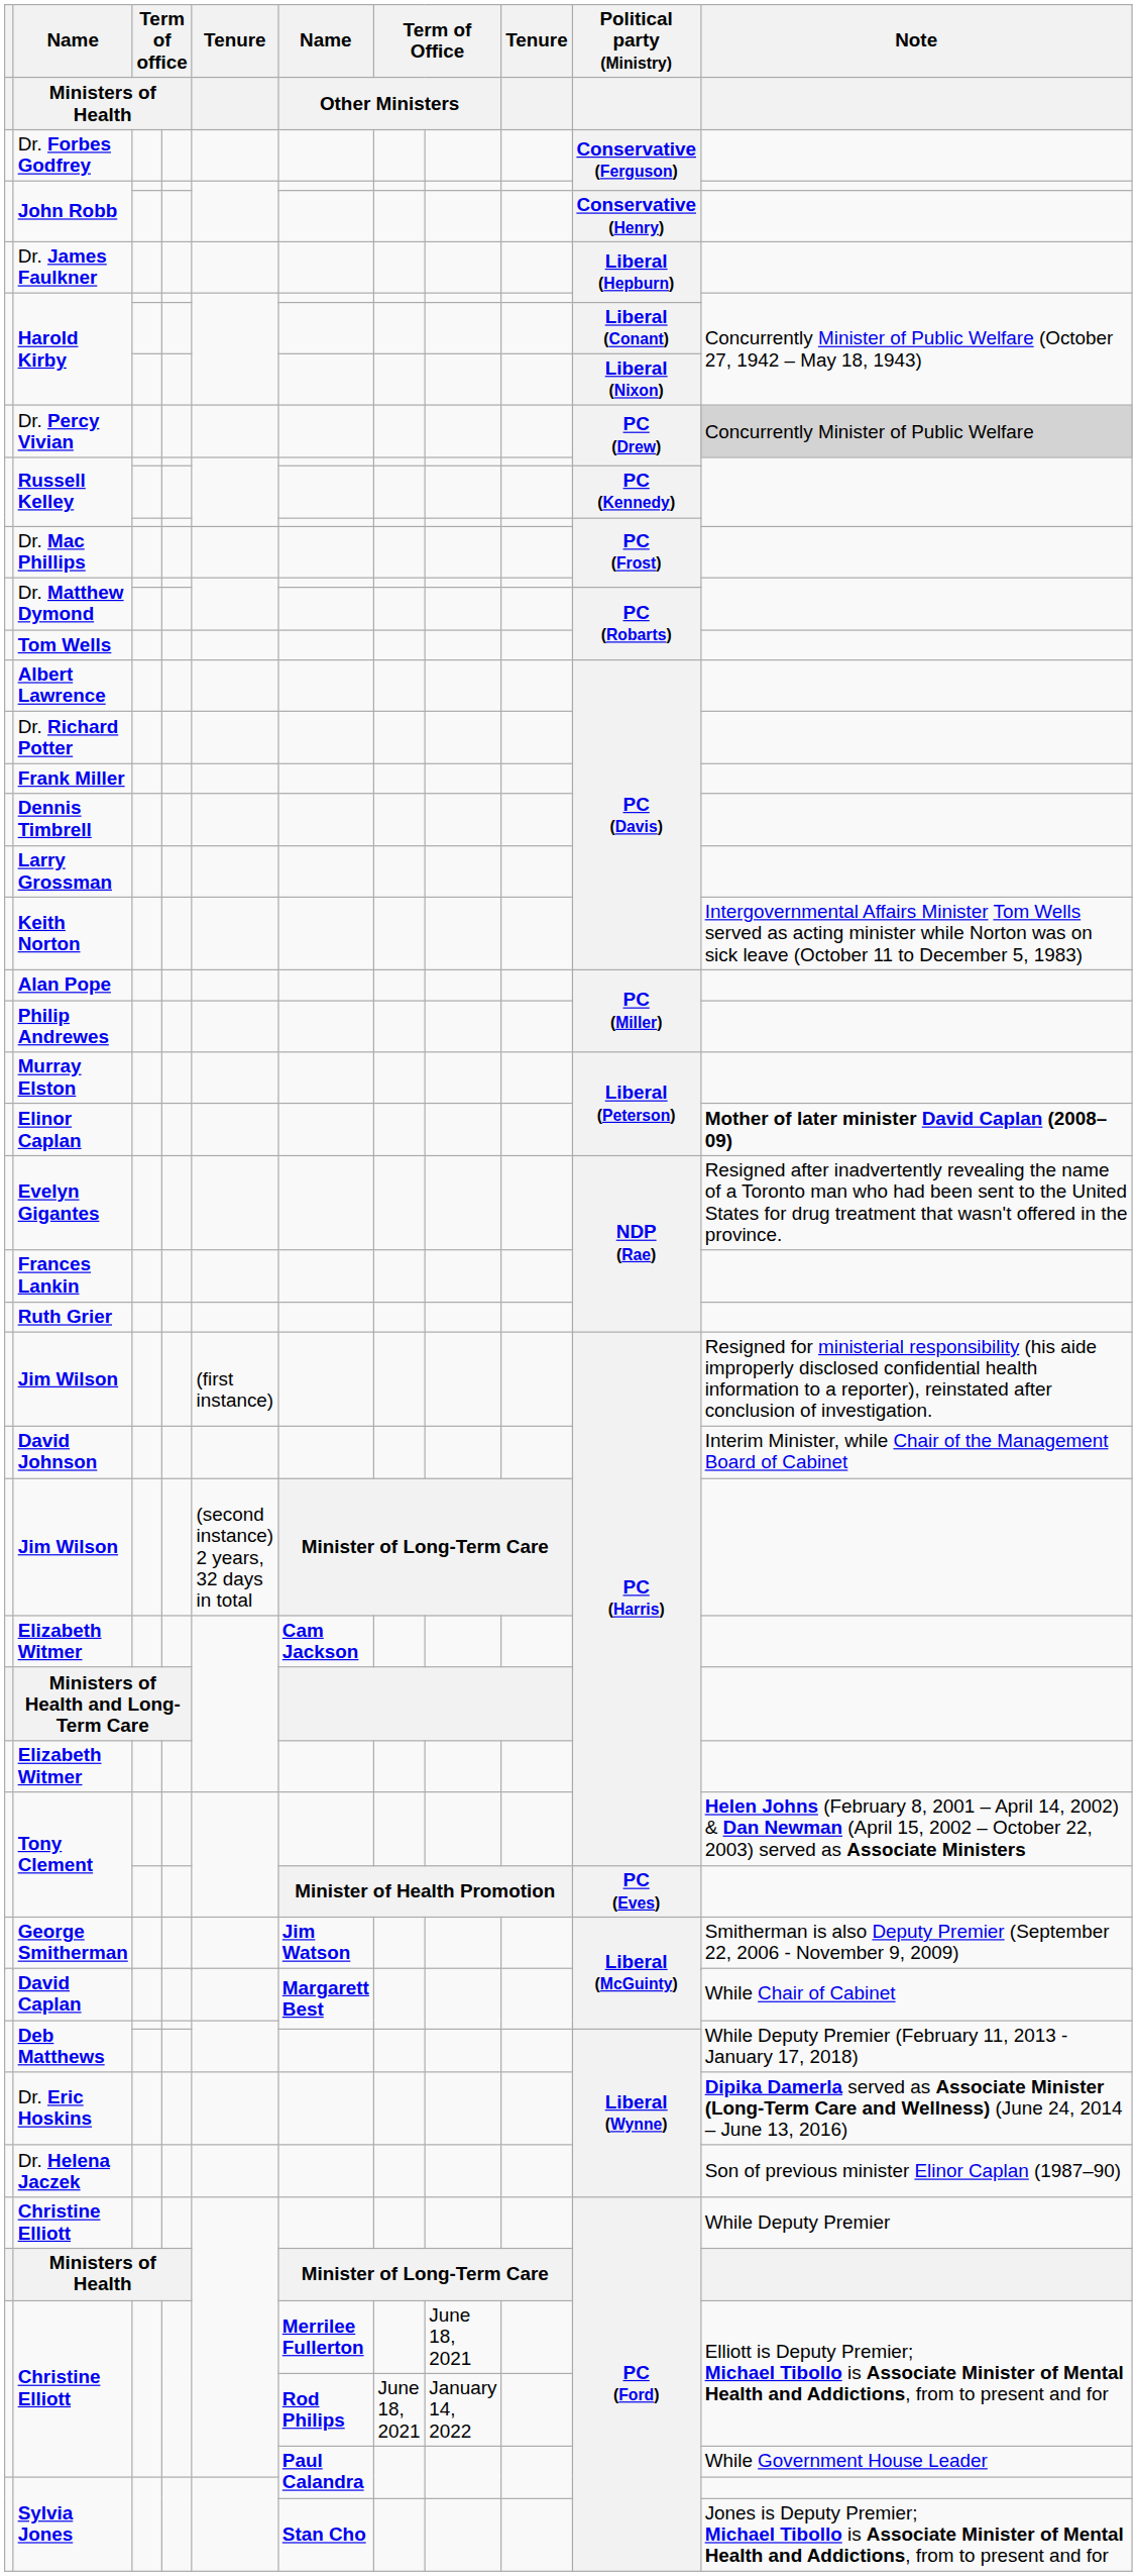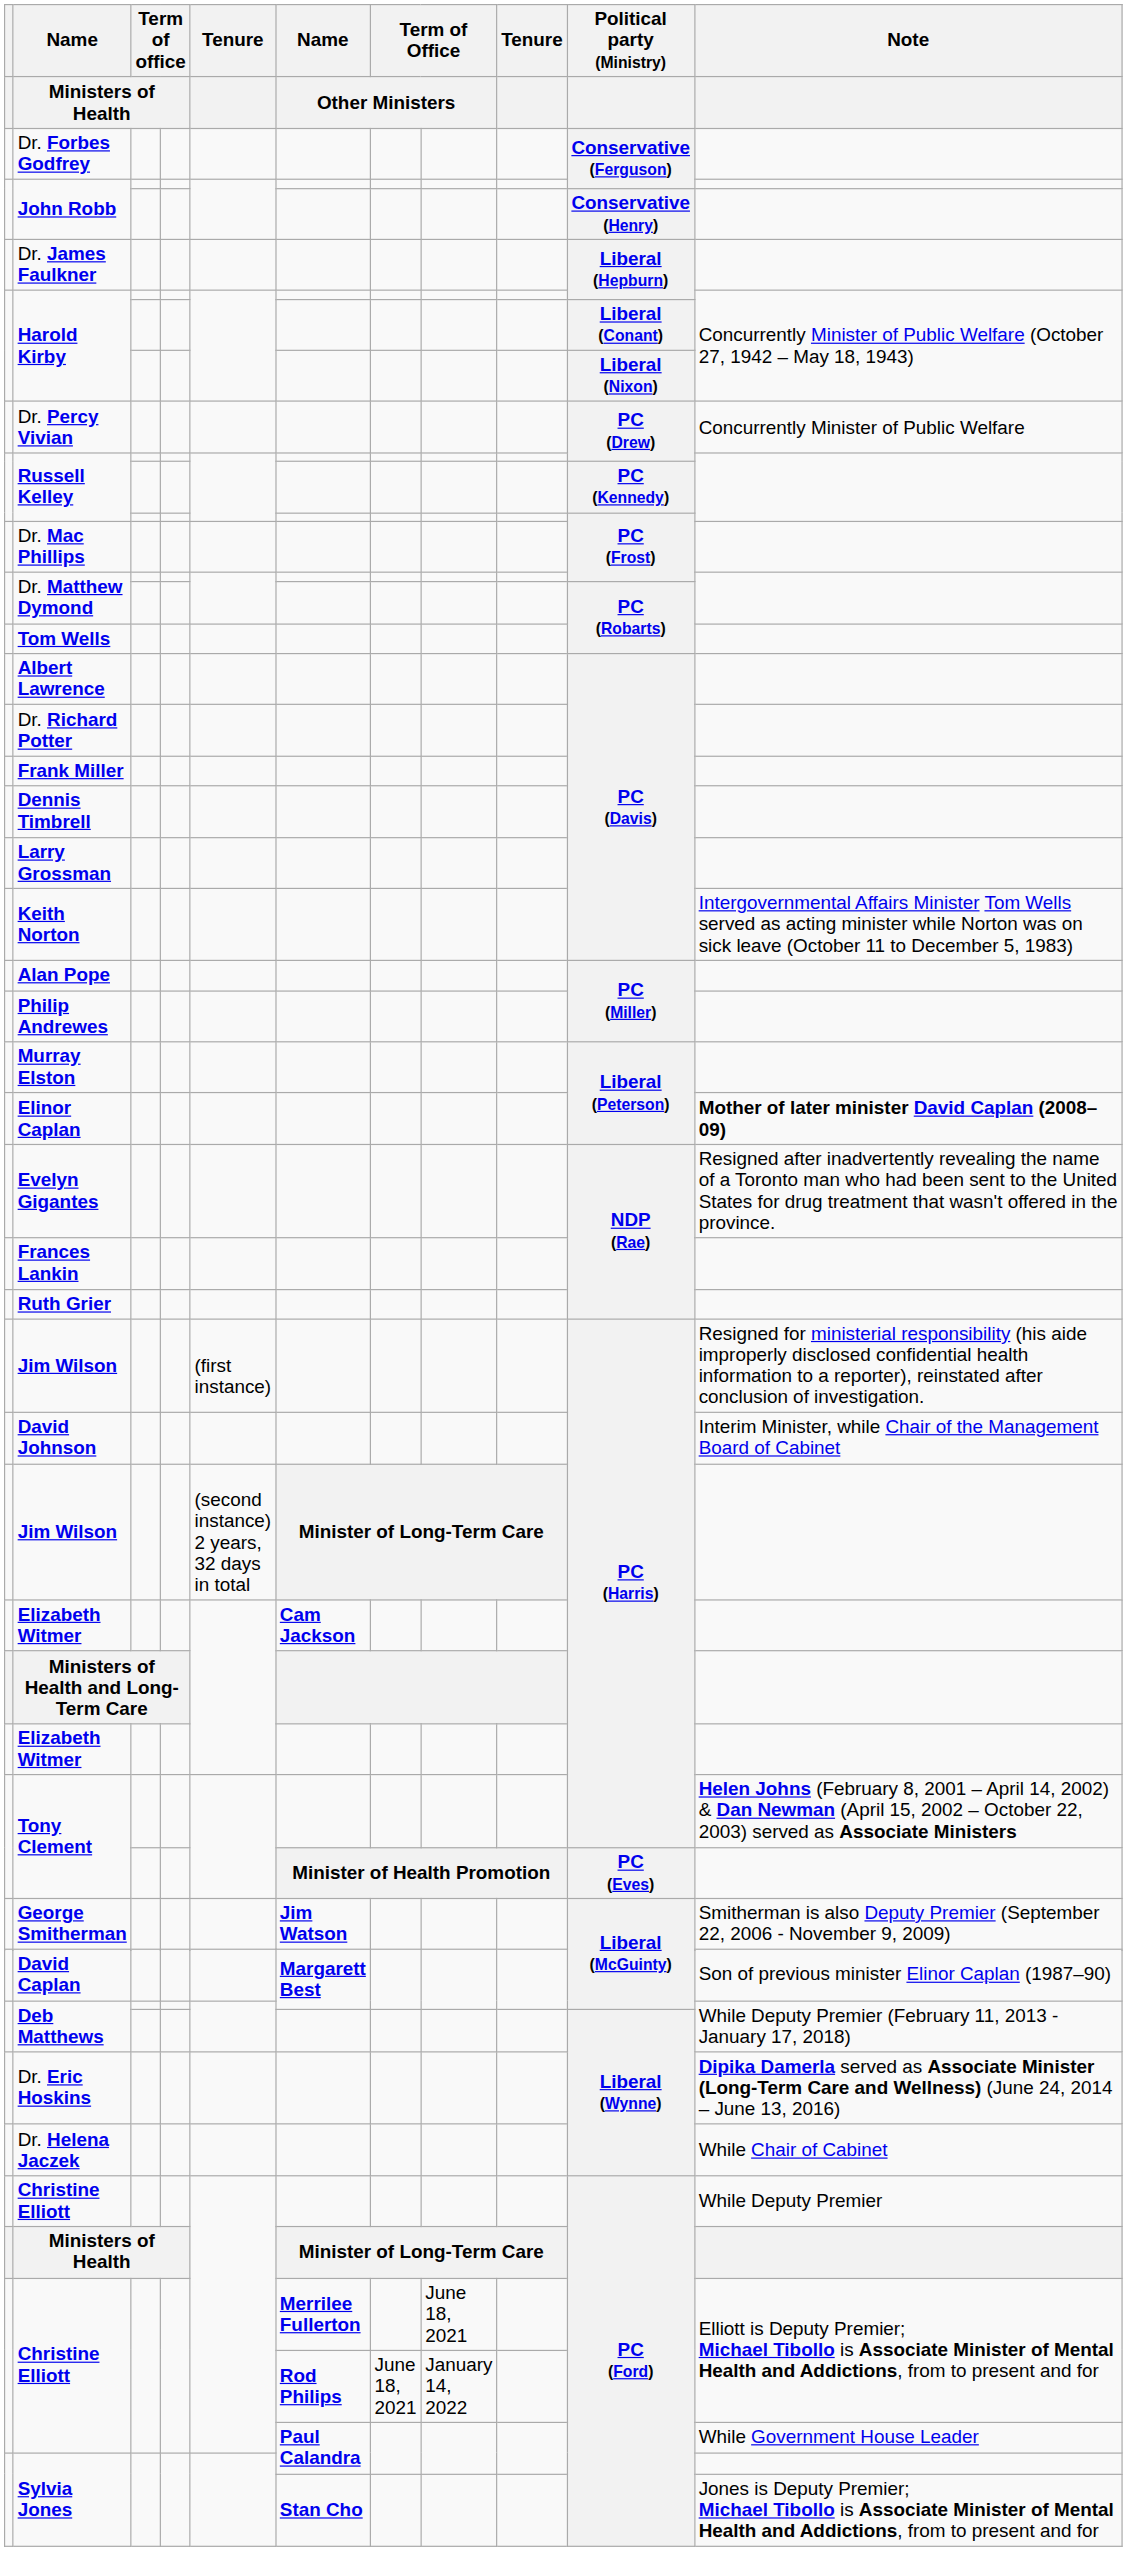 <table class="wikitable" style="width: 75%">
 <tr>
 <th></th>
 <th>Name</th>
 <th colspan="2">Term of office</th>
 <th>Tenure</th>
 <th>Name</th>
 <th colspan="2">Term of Office</th>
 <th>Tenure</th>
 <th>Political party<br><small>(Ministry)</small></th>
 <th style="width: 400px;">Note</th>
 </tr>
 <tr>
 <th></th>
 <th colspan="3">Ministers of Health</th>
 <th></th>
 <th colspan="3">Other Ministers</th>
 <th></th>
 <th></th>
 <th></th>
 </tr>
 <tr>
 <td style="background:"></td>
 <td>Dr. <strong><a href='#'>Forbes Godfrey</a></strong></td>
 <td></td>
 <td></td>
 <td></td>
 <td></td>
 <td></td>
 <td></td>
 <td></td>
 <th rowspan="2;" style="background:"><a href='#'>Conservative</a><br><small>(<a href='#'>Ferguson</a>)</small></th>
 <td></td>
 </tr>
 <tr>
 <td rowspan="2;" style="background:"></td>
 <td rowspan="2"><strong><a href='#'>John Robb</a></strong></td>
 <td></td>
 <td></td>
 <td rowspan="2"></td>
 <td></td>
 <td></td>
 <td></td>
 <td></td>
 <td></td>
 </tr>
 <tr>
 <td></td>
 <td></td>
 <td></td>
 <td></td>
 <td></td>
 <td></td>
 <th style="background:"><a href='#'>Conservative</a><br><small>(<a href='#'>Henry</a>)</small></th>
 <td></td>
 </tr>
 <tr>
 <td style="background:"></td>
 <td>Dr. <strong><a href='#'>James Faulkner</a></strong></td>
 <td></td>
 <td></td>
 <td></td>
 <td></td>
 <td></td>
 <td></td>
 <td></td>
 <th rowspan="2;" style="background:"><a href='#'>Liberal</a><br><small>(<a href='#'>Hepburn</a>)</small></th>
 <td></td>
 </tr>
 <tr>
 <td rowspan="3;" style="background:"></td>
 <td rowspan="3"><strong><a href='#'>Harold Kirby</a></strong></td>
 <td></td>
 <td></td>
 <td rowspan="3"></td>
 <td></td>
 <td></td>
 <td></td>
 <td></td>
 <td rowspan="3">Concurrently <a href='#'>Minister of Public Welfare</a> (October 27, 1942 – May 18, 1943)</td>
 </tr>
 <tr>
 <td></td>
 <td></td>
 <td></td>
 <td></td>
 <td></td>
 <td></td>
 <th style="background:"><a href='#'>Liberal</a><br><small>(<a href='#'>Conant</a>)</small></th>
 </tr>
 <tr>
 <td></td>
 <td></td>
 <td></td>
 <td></td>
 <td></td>
 <td></td>
 <th style="background:"><a href='#'>Liberal</a><br><small>(<a href='#'>Nixon</a>)</small></th>
 </tr>
 <tr>
 <td style="background:"></td>
 <td>Dr. <strong><a href='#'>Percy Vivian</a></strong></td>
 <td></td>
 <td></td>
 <td></td>
 <td></td>
 <td></td>
 <td></td>
 <td></td>
 <th rowspan="2;" style="background:"><a href='#'>PC</a><br><small>(<a href='#'>Drew</a>)</small></th>
-<td style="background: lightgrey;">Concurrently Minister of Public Welfare</td>
+<td>Concurrently Minister of Public Welfare</td>
 </tr>
 <tr>
 <td rowspan="3;" style="background:"></td>
 <td rowspan="3"><strong><a href='#'>Russell Kelley</a></strong></td>
 <td></td>
 <td></td>
 <td rowspan="3"></td>
 <td></td>
 <td></td>
 <td></td>
 <td></td>
 <td rowspan="3"></td>
 </tr>
 <tr>
 <td></td>
 <td></td>
 <td></td>
 <td></td>
 <td></td>
 <td></td>
 <th style="background:"><a href='#'>PC</a><br><small>(<a href='#'>Kennedy</a>)</small></th>
 </tr>
 <tr>
 <td></td>
 <td></td>
 <td></td>
 <td></td>
 <td></td>
 <td></td>
 <th rowspan="3;" style="background:"><a href='#'>PC</a><br><small>(<a href='#'>Frost</a>)</small></th>
 </tr>
 <tr>
 <td style="background:"></td>
 <td>Dr. <strong><a href='#'>Mac Phillips</a></strong></td>
 <td></td>
 <td></td>
 <td></td>
 <td></td>
 <td></td>
 <td></td>
 <td></td>
 <td></td>
 </tr>
 <tr>
 <td rowspan="2;" style="background:"></td>
 <td rowspan="2">Dr. <strong><a href='#'>Matthew Dymond</a></strong></td>
 <td></td>
 <td></td>
 <td rowspan="2"></td>
 <td></td>
 <td></td>
 <td></td>
 <td></td>
 <td rowspan="2"></td>
 </tr>
 <tr>
 <td></td>
 <td></td>
 <td></td>
 <td></td>
 <td></td>
 <td></td>
 <th rowspan="2;" style="background:"><a href='#'>PC</a><br><small>(<a href='#'>Robarts</a>)</small></th>
 </tr>
 <tr>
 <td style="background:"></td>
 <td><strong><a href='#'>Tom Wells</a></strong></td>
 <td></td>
 <td></td>
 <td></td>
 <td></td>
 <td></td>
 <td></td>
 <td></td>
 <td></td>
 </tr>
 <tr>
 <td style="background:"></td>
 <td><strong><a href='#'>Albert Lawrence</a></strong></td>
 <td></td>
 <td></td>
 <td></td>
 <td></td>
 <td></td>
 <td></td>
 <td></td>
 <th rowspan="6;" style="background:"><a href='#'>PC</a><br><small>(<a href='#'>Davis</a>)</small></th>
 <td></td>
 </tr>
 <tr>
 <td style="background:"></td>
 <td>Dr. <strong><a href='#'>Richard Potter</a></strong></td>
 <td></td>
 <td></td>
 <td></td>
 <td></td>
 <td></td>
 <td></td>
 <td></td>
 <td></td>
 </tr>
 <tr>
 <td style="background:"></td>
 <td><strong><a href='#'>Frank Miller</a></strong></td>
 <td></td>
 <td></td>
 <td></td>
 <td></td>
 <td></td>
 <td></td>
 <td></td>
 <td></td>
 </tr>
 <tr>
 <td style="background:"></td>
 <td><strong><a href='#'>Dennis Timbrell</a></strong></td>
 <td></td>
 <td></td>
 <td></td>
 <td></td>
 <td></td>
 <td></td>
 <td></td>
 <td></td>
 </tr>
 <tr>
 <td style="background:"></td>
 <td><strong><a href='#'>Larry Grossman</a></strong></td>
 <td></td>
 <td></td>
 <td></td>
 <td></td>
 <td></td>
 <td></td>
 <td></td>
 <td></td>
 </tr>
 <tr>
 <td style="background:"></td>
 <td><strong><a href='#'>Keith Norton</a></strong></td>
 <td></td>
 <td></td>
 <td></td>
 <td></td>
 <td></td>
 <td></td>
 <td></td>
 <td><a href='#'>Intergovernmental Affairs Minister</a> <a href='#'>Tom Wells</a> served as acting minister while Norton was on sick leave (October 11 to December 5, 1983)</td>
 </tr>
 <tr>
 <td style="background:"></td>
 <td><strong><a href='#'>Alan Pope</a></strong></td>
 <td></td>
 <td></td>
 <td></td>
 <td></td>
 <td></td>
 <td></td>
 <td></td>
 <th rowspan="2;" style="background:"><a href='#'>PC</a><br><small>(<a href='#'>Miller</a>)</small></th>
 <td></td>
 </tr>
 <tr>
 <td style="background:"></td>
 <td><strong><a href='#'>Philip Andrewes</a></strong></td>
 <td></td>
 <td></td>
 <td></td>
 <td></td>
 <td></td>
 <td></td>
 <td></td>
 <td></td>
 </tr>
 <tr>
 <td style="background:"></td>
 <td><strong><a href='#'>Murray Elston</a></strong></td>
 <td></td>
 <td></td>
 <td></td>
 <td></td>
 <td></td>
 <td></td>
 <td></td>
 <th rowspan="2;" style="background:"><a href='#'>Liberal</a><br><small>(<a href='#'>Peterson</a>)</small></th>
 <td></td>
 </tr>
 <tr>
 <td style="background:"></td>
 <td><strong><a href='#'>Elinor Caplan</a></strong></td>
 <td></td>
 <td></td>
 <td></td>
 <td></td>
 <td></td>
 <td></td>
 <td></td>
 <td><strong>Mother of later minister <a href='#'>David Caplan</a> (2008–09)</strong></td>
 </tr>
 <tr>
 <td style="background:"></td>
 <td><strong><a href='#'>Evelyn Gigantes</a></strong></td>
 <td></td>
 <td></td>
 <td></td>
 <td></td>
 <td></td>
 <td></td>
 <td></td>
 <th rowspan="3" style="background:"><a href='#'>NDP</a><br><small>(<a href='#'>Rae</a>)</small></th>
 <td>Resigned after inadvertently revealing the name of a Toronto man who had been sent to the United States for drug treatment that wasn't offered in the province.</td>
 </tr>
 <tr>
 <td style="background:"></td>
 <td><strong><a href='#'>Frances Lankin</a></strong></td>
 <td></td>
 <td></td>
 <td></td>
 <td></td>
 <td></td>
 <td></td>
 <td></td>
 <td></td>
 </tr>
 <tr>
 <td style="background:"></td>
 <td><strong><a href='#'>Ruth Grier</a></strong></td>
 <td></td>
 <td></td>
 <td></td>
 <td></td>
 <td></td>
 <td></td>
 <td></td>
 <td></td>
 </tr>
 <tr>
 <td style="background:"></td>
 <td><strong><a href='#'>Jim Wilson</a></strong></td>
 <td></td>
 <td></td>
 <td><br>(first instance)</td>
 <td></td>
 <td></td>
 <td></td>
 <td></td>
 <th rowspan="7" style="background:"><a href='#'>PC</a><br><small>(<a href='#'>Harris</a>)</small></th>
 <td>Resigned for <a href='#'>ministerial responsibility</a> (his aide improperly disclosed confidential health information to a reporter), reinstated after conclusion of investigation.</td>
 </tr>
 <tr>
 <td style="background:"></td>
 <td><strong><a href='#'>David Johnson</a></strong></td>
 <td></td>
 <td></td>
 <td></td>
 <td></td>
 <td></td>
 <td></td>
 <td></td>
 <td>Interim Minister, while <a href='#'>Chair of the Management Board of Cabinet</a></td>
 </tr>
 <tr>
 <td style="background:"></td>
 <td><strong><a href='#'>Jim Wilson</a></strong></td>
 <td></td>
 <td></td>
 <td><br>(second instance)<br>2 years, 32 days in total</td>
 <th colspan=4>Minister of Long-Term Care</th>
 </tr>
 <tr>
 <td style="background:"></td>
 <td><strong><a href='#'>Elizabeth Witmer</a></strong></td>
 <td></td>
 <td></td>
 <td rowspan="3"></td>
 <td><strong><a href='#'>Cam Jackson</a></strong></td>
 <td></td>
 <td></td>
 <td></td>
 <td></td>
 </tr>
 <tr>
 <th></th>
 <th colspan="3">Ministers of Health and Long-Term Care</th>
 <th colspan=4></th>
 <td></td>
 </tr>
 <tr>
 <td style="background:"></td>
 <td><strong><a href='#'>Elizabeth Witmer</a></strong></td>
 <td></td>
 <td></td>
 <td></td>
 <td></td>
 <td></td>
 <td></td>
 <td></td>
 </tr>
 <tr>
 <td rowspan="2;" style="background:"></td>
 <td rowspan="2"><strong><a href='#'>Tony Clement</a></strong></td>
 <td></td>
 <td></td>
 <td rowspan="2"></td>
 <td></td>
 <td></td>
 <td></td>
 <td></td>
 <td><strong><a href='#'>Helen Johns</a></strong> (February 8, 2001 – April 14, 2002) & <strong><a href='#'>Dan Newman</a></strong> (April 15, 2002 – October 22, 2003) served as <strong>Associate Ministers</strong></td>
 </tr>
 <tr>
 <td></td>
 <td></td>
 <th colspan=4>Minister of Health Promotion</th>
 <th style="background:"><a href='#'>PC</a><br><small>(<a href='#'>Eves</a>)</small></th>
 <td></td>
 </tr>
 <tr>
 <td rowspan=2 style="background:"></td>
 <td rowspan=2><strong><a href='#'>George Smitherman</a></strong></td>
 <td rowspan=2></td>
 <td rowspan=2></td>
 <td rowspan=2></td>
 <td><strong><a href='#'>Jim Watson</a></strong></td>
 <td></td>
 <td></td>
 <td></td>
 <th rowspan="4;" style="background:"><a href='#'>Liberal</a><br><small>(<a href='#'>McGuinty</a>)</small></th>
 <td rowspan=2>Smitherman is also <a href='#'>Deputy Premier</a> (September 22, 2006 - November 9, 2009)</td>
 </tr>
 <tr>
 <td rowspan=3><strong><a href='#'>Margarett Best</a></strong></td>
 <td rowspan=3></td>
 <td rowspan=3></td>
 <td rowspan=3></td>
 </tr>
 <tr>
 <td style="background:"></td>
 <td><strong><a href='#'>David Caplan</a></strong></td>
 <td></td>
 <td></td>
 <td></td>
-<td>While <a href='#'>Chair of Cabinet</a></td>
+<td>Son of previous minister <a href='#'>Elinor Caplan</a> (1987–90)</td>
 </tr>
 <tr>
 <td rowspan="2;" style="background:"></td>
 <td rowspan="2"><strong><a href='#'>Deb Matthews</a></strong></td>
 <td></td>
 <td></td>
 <td rowspan="2"></td>
 <td rowspan="2">While Deputy Premier (February 11, 2013 - January 17, 2018)</td>
 </tr>
 <tr>
 <td></td>
 <td></td>
 <td></td>
 <td></td>
 <td></td>
 <td></td>
 <th rowspan="3;" style="background:"><a href='#'>Liberal</a><br><small>(<a href='#'>Wynne</a>)</small></th>
 </tr>
 <tr>
 <td style="background:"></td>
 <td>Dr. <strong><a href='#'>Eric Hoskins</a></strong></td>
 <td></td>
 <td></td>
 <td></td>
 <td></td>
 <td></td>
 <td></td>
 <td></td>
 <td><strong><a href='#'>Dipika Damerla</a></strong> served as <strong>Associate Minister (Long-Term Care and Wellness)</strong> (June 24, 2014 – June 13, 2016)</td>
 </tr>
 <tr>
 <td style="background:"></td>
 <td>Dr. <strong><a href='#'>Helena Jaczek</a></strong></td>
 <td></td>
 <td></td>
 <td></td>
 <td></td>
 <td></td>
 <td></td>
 <td></td>
-<td>Son of previous minister <a href='#'>Elinor Caplan</a> (1987–90)</td>
+<td>While <a href='#'>Chair of Cabinet</a></td>
 </tr>
 <tr>
 <td style="background:"></td>
 <td><strong><a href='#'>Christine Elliott</a></strong></td>
 <td></td>
 <td></td>
 <td rowspan="5"></td>
 <td></td>
 <td></td>
 <td></td>
 <td></td>
 <th rowspan="7;" style="background:"><a href='#'>PC</a><br><small>(<a href='#'>Ford</a>)</small></th>
 <td>While Deputy Premier</td>
 </tr>
 <tr>
 <th></th>
 <th colspan="3">Ministers of Health</th>
 <th colspan=4>Minister of Long-Term Care</th>
 <th></th>
 </tr>
 <tr>
 <td rowspan=3 style="background:"></td>
 <td rowspan=3><strong><a href='#'>Christine Elliott</a></strong></td>
 <td rowspan=3></td>
 <td rowspan=3></td>
 <td><strong><a href='#'>Merrilee Fullerton</a></strong></td>
 <td></td>
 <td>June 18, 2021</td>
 <td></td>
 <td rowspan=2>Elliott is Deputy Premier;<br><strong><a href='#'>Michael Tibollo</a></strong> is <strong>Associate Minister of Mental Health and Addictions</strong>, from  to present and for </td>
 </tr>
 <tr>
 <td><a href='#'><strong>Rod Philips</strong></a></td>
 <td>June 18, 2021</td>
 <td>January 14, 2022</td>
 <td></td>
 </tr>
 <tr>
 <td rowspan=2><strong><a href='#'>Paul Calandra</a></strong></td>
 <td rowspan=2></td>
 <td rowspan=2></td>
 <td rowspan=2></td>
 <td>While <a href='#'>Government House Leader</a></td>
 </tr>
 <tr>
 <td rowspan=2 style="background:"></td>
 <td rowspan=2><strong><a href='#'>Sylvia Jones</a></strong></td>
 <td rowspan=2></td>
 <td rowspan=2></td>
 <td rowspan=2></td>
 </tr>
 <tr>
 <td><strong><a href='#'>Stan Cho</a></strong></td>
 <td></td>
 <td></td>
 <td></td>
 <td>Jones is Deputy Premier;<br><strong><a href='#'>Michael Tibollo</a></strong> is <strong>Associate Minister of Mental Health and Addictions</strong>, from  to present and for </td>
 </tr>
 </table>
